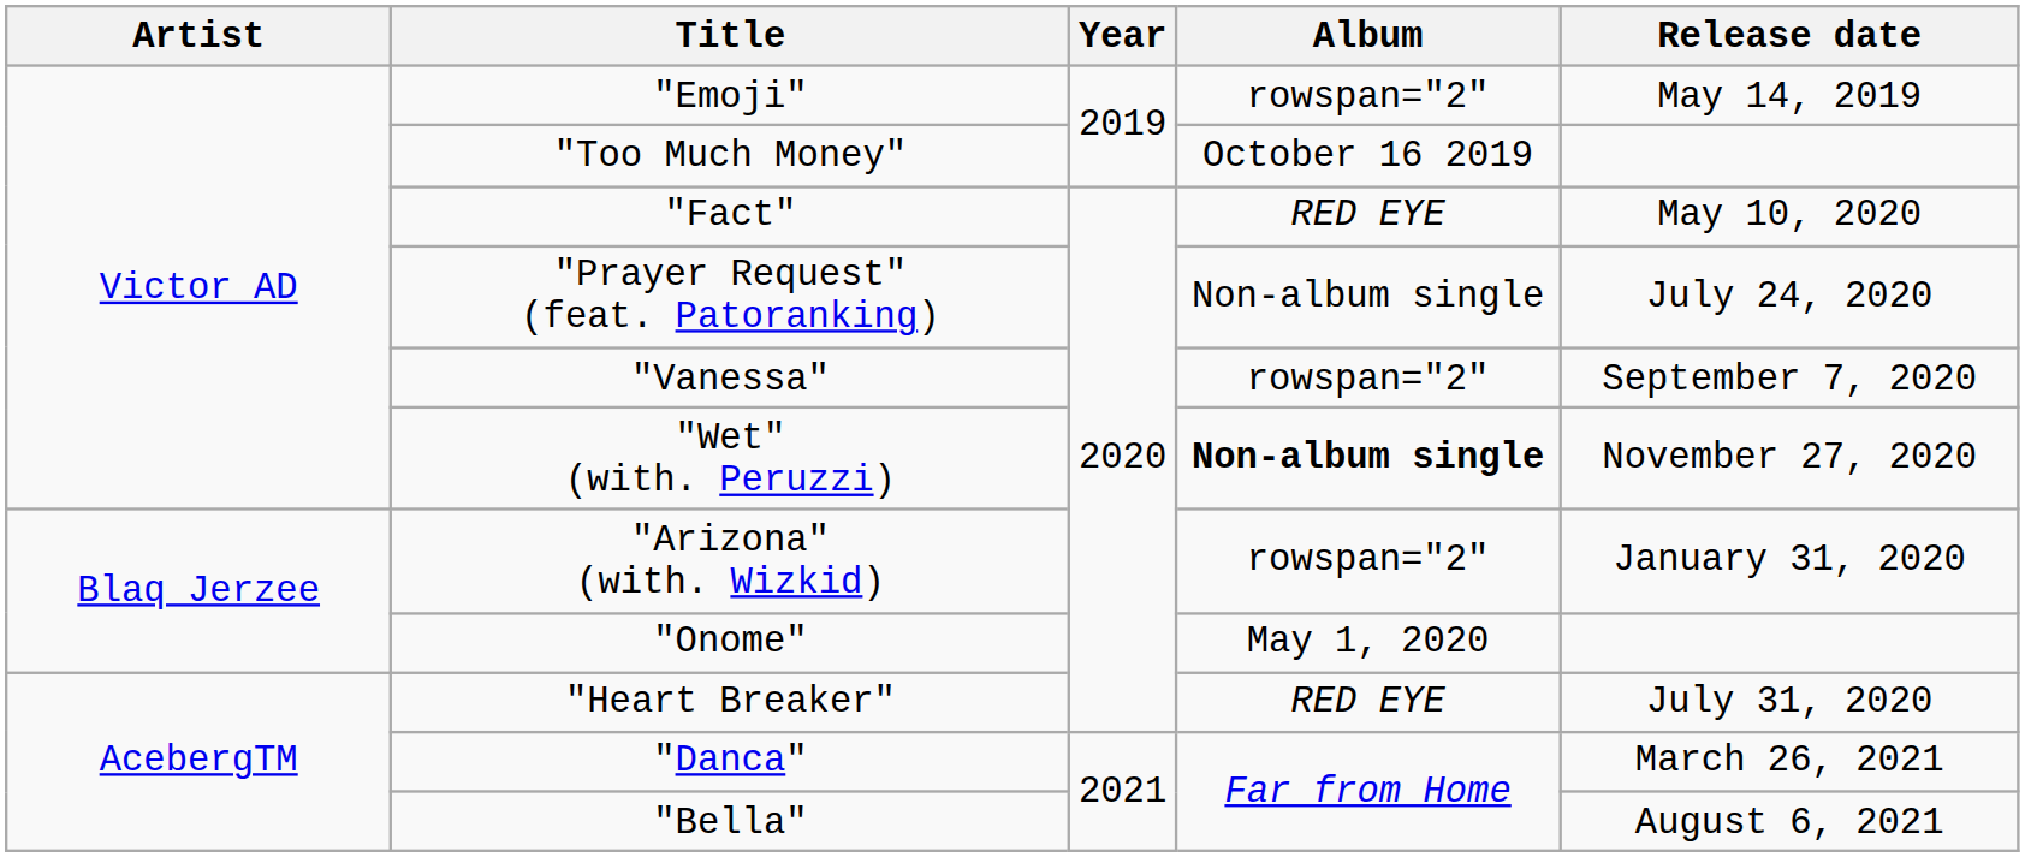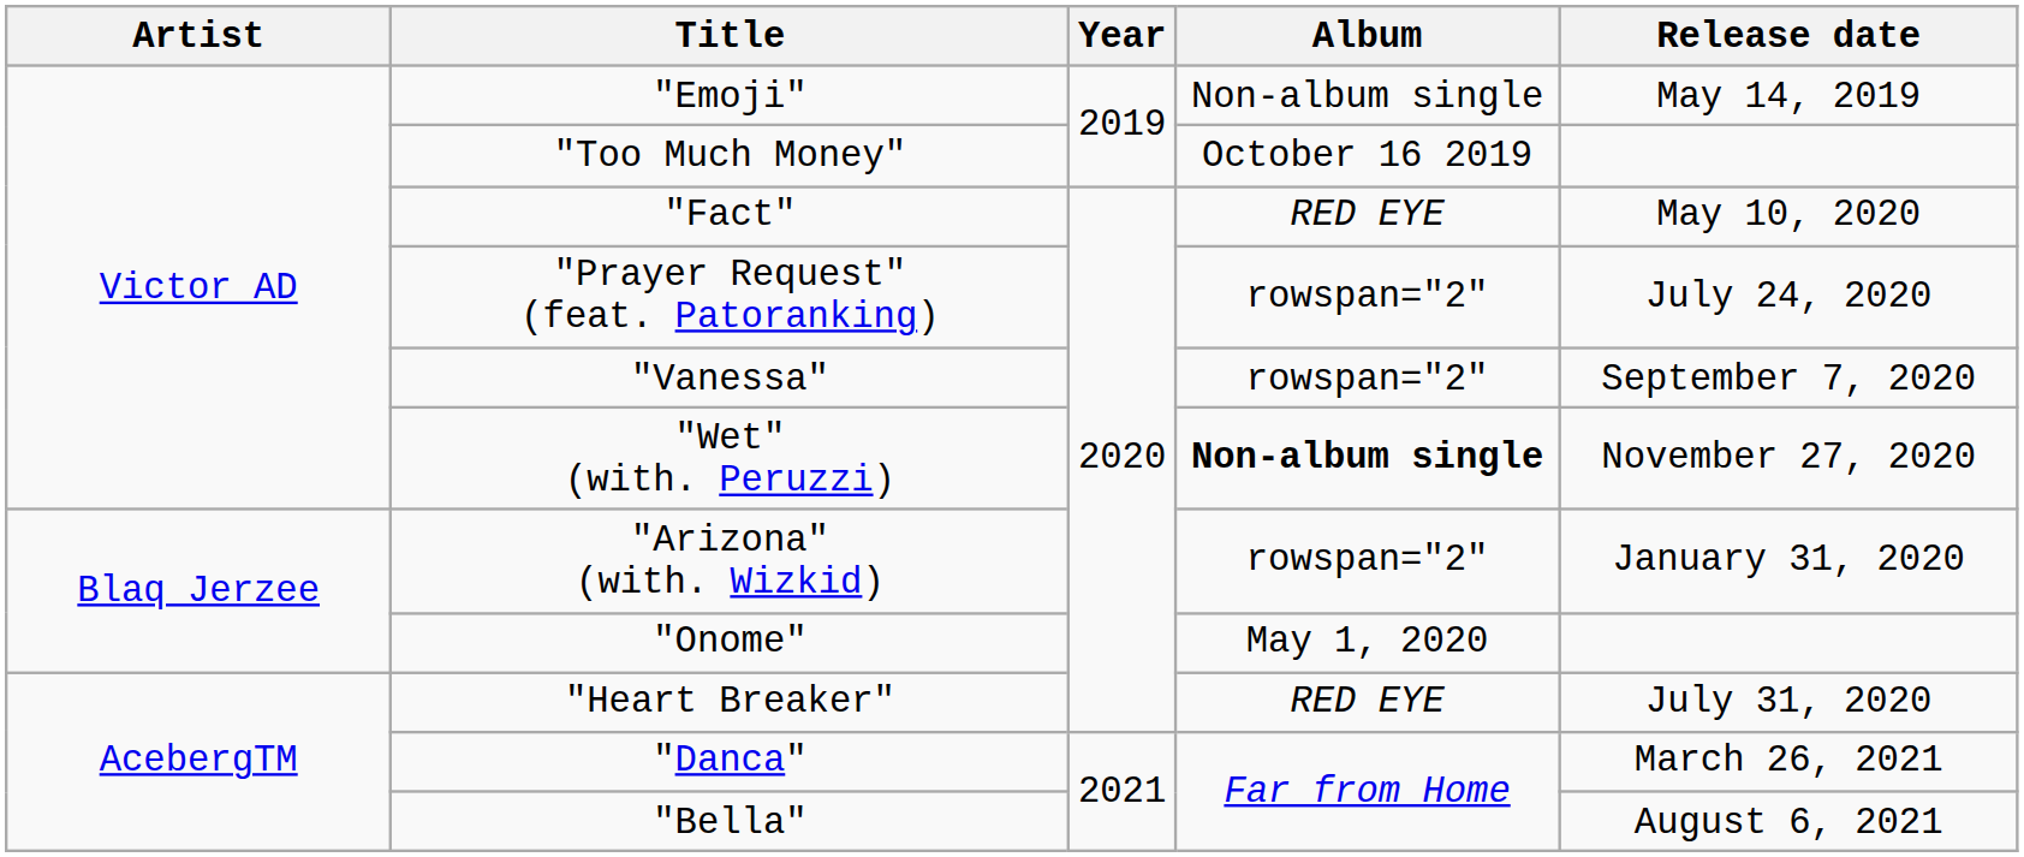 <table class="wikitable plainrowheaders" style="text-align:center;" border="1">
 <tr>
 <th style="width:10em;">Artist</th>
 <th style="width:18em;">Title</th>
 <th style="width:2em;">Year</th>
 <th style="width:10em;">Album</th>
 <th style="width:12em;">Release date</th>
 </tr>
 <tr>
 <td rowspan="6"><a href='#'>Victor AD</a></td>
 <td>"Emoji"</td>
 <td rowspan="2">2019</td>
-<td>rowspan="2" </td>
+<td>Non-album single</td>
 <td>May 14, 2019</td>
 </tr>
 <tr>
 <td>"Too Much Money"</td>
 <td>October 16 2019</td>
 </tr>
 <tr>
 <td>"Fact"</td>
 <td rowspan="7">2020</td>
 <td><em>RED EYE</em></td>
 <td>May 10, 2020</td>
 </tr>
 <tr>
 <td>"Prayer Request"<br>(feat. <a href='#'>Patoranking</a>)</td>
-<td>Non-album single</td>
+<td>rowspan="2" </td>
 <td>July 24, 2020</td>
 </tr>
 <tr>
 <td>"Vanessa"</td>
 <td>rowspan="2" </td>
 <td>September 7, 2020</td>
 </tr>
 <tr>
 <td>"Wet"<br>(with. <a href='#'>Peruzzi</a>)</td>
 <td><strong>Non-album single</strong></td>
 <td>November 27, 2020</td>
 </tr>
 <tr>
 <td rowspan="2"><a href='#'>Blaq Jerzee</a></td>
 <td>"Arizona"<br>(with. <a href='#'>Wizkid</a>)</td>
 <td>rowspan="2" </td>
 <td>January 31, 2020</td>
 </tr>
 <tr>
 <td>"Onome"</td>
 <td>May 1, 2020</td>
 </tr>
 <tr>
 <td rowspan="3"><a href='#'>AcebergTM</a></td>
 <td>"Heart Breaker"</td>
 <td><em>RED EYE</em></td>
 <td>July 31, 2020</td>
 </tr>
 <tr>
 <td>"<a href='#'>Danca</a>"</td>
 <td rowspan="2">2021</td>
 <td rowspan="2"><em><a href='#'>Far from Home</a></em></td>
 <td>March 26, 2021</td>
 </tr>
 <tr>
 <td>"Bella"</td>
 <td>August 6, 2021</td>
 </tr>
 </table>
